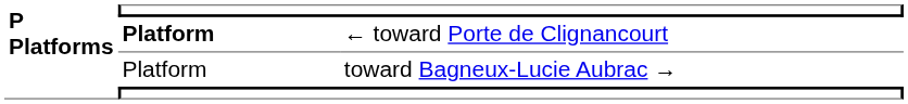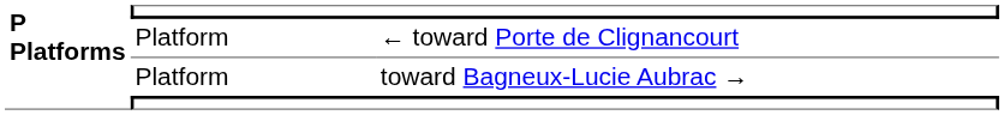 <table border=0 cellspacing=0 cellpadding=3>
 <tr>
 <td style="border-bottom:solid 1px gray;" width=50 rowspan=4 valign=top><strong>P<br>Platforms</strong></td>
 <td style="border-top:solid 1px gray;border-right:solid 2px black;border-left:solid 2px black;border-bottom:solid 2px black;text-align:center;" colspan=2></td>
 </tr>
 <tr>
-<td style="border-bottom:solid 1px gray;" width=150><strong>Platform </strong></td>
+<td style="border-bottom:solid 1px gray;" width=150>Platform </td>
 <td style="border-bottom:solid 1px gray;" width=390>←   toward <a href='#'>Porte de Clignancourt</a> </td>
 </tr>
 <tr>
 <td>Platform </td>
 <td>   toward <a href='#'>Bagneux-Lucie Aubrac</a>  →</td>
 </tr>
 <tr>
 <td style="border-top:solid 2px black;border-right:solid 2px black;border-left:solid 2px black;border-bottom:solid 1px gray;text-align:center;" colspan=2></td>
 </tr>
 </table>
